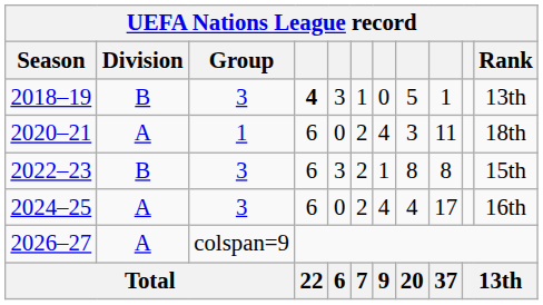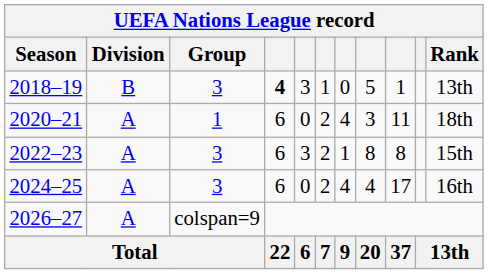 <table class="wikitable" style="text-align:center">
 <tr>
 <th colspan=11><a href='#'>UEFA Nations League</a> record</th>
 </tr>
 <tr>
 <th>Season</th>
 <th>Division</th>
 <th>Group</th>
 <th></th>
 <th></th>
 <th></th>
 <th></th>
 <th></th>
 <th></th>
 <th></th>
 <th>Rank</th>
 </tr>
 <tr>
 <td><a href='#'>2018–19</a></td>
 <td><a href='#'>B</a></td>
 <td><a href='#'>3</a></td>
 <td><strong>4</strong></td>
 <td>3</td>
 <td>1</td>
 <td>0</td>
 <td>5</td>
 <td>1</td>
 <td></td>
 <td>13th</td>
 </tr>
 <tr>
 <td><a href='#'>2020–21</a></td>
 <td><a href='#'>A</a></td>
 <td><a href='#'>1</a></td>
 <td>6</td>
 <td>0</td>
 <td>2</td>
 <td>4</td>
 <td>3</td>
 <td>11</td>
 <td></td>
 <td>18th</td>
 </tr>
 <tr>
 <td><a href='#'>2022–23</a></td>
-<td><a href='#'>B</a></td>
+<td><a href='#'>A</a></td>
 <td><a href='#'>3</a></td>
 <td>6</td>
 <td>3</td>
 <td>2</td>
 <td>1</td>
 <td>8</td>
 <td>8</td>
 <td></td>
 <td>15th</td>
 </tr>
 <tr>
 <td><a href='#'>2024–25</a></td>
 <td><a href='#'>A</a></td>
 <td><a href='#'>3</a></td>
 <td>6</td>
 <td>0</td>
 <td>2</td>
 <td>4</td>
 <td>4</td>
 <td>17</td>
 <td></td>
 <td>16th</td>
 </tr>
 <tr>
 <td><a href='#'>2026–27</a></td>
 <td><a href='#'>A</a></td>
 <td>colspan=9 </td>
 </tr>
 <tr>
 <th colspan=3>Total</th>
 <th>22</th>
 <th>6</th>
 <th>7</th>
 <th>9</th>
 <th>20</th>
 <th>37</th>
 <th colspan=2>13th</th>
 </tr>
 </table>
